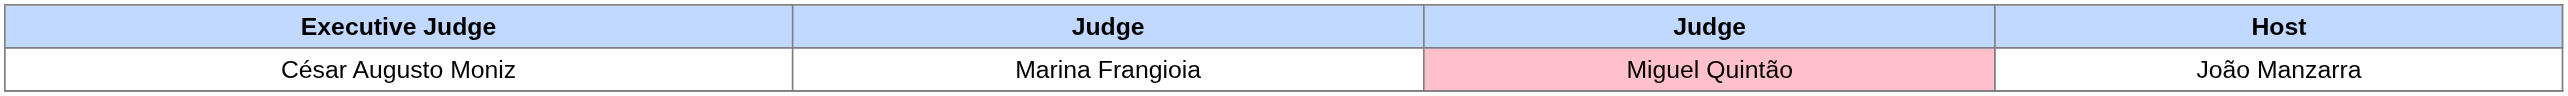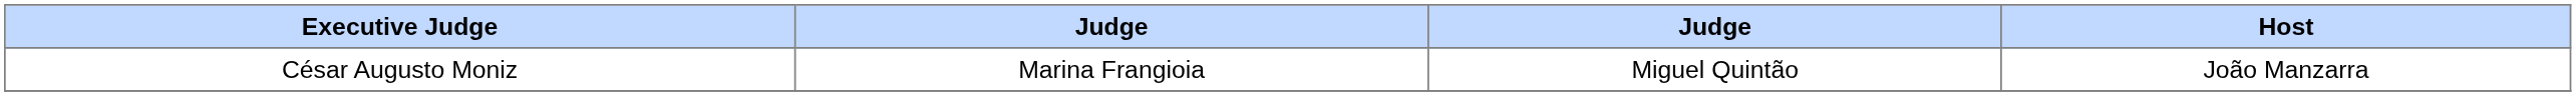 <table border="1" cellpadding="4" cellspacing="0" style="text-align:center; font-size:90%; border-collapse:collapse; width:75%">
 <tr style="background:#C1D8FF;">
 <th width>Executive Judge</th>
 <th width>Judge</th>
 <th width>Judge</th>
 <th width>Host</th>
 </tr>
 <tr>
 <td>César Augusto Moniz</td>
 <td>Marina Frangioia</td>
-<td style="background: pink;">Miguel Quintão</td>
+<td>Miguel Quintão</td>
 <td>João Manzarra</td>
 </tr>
 <tr>
 </tr>
 </table>
